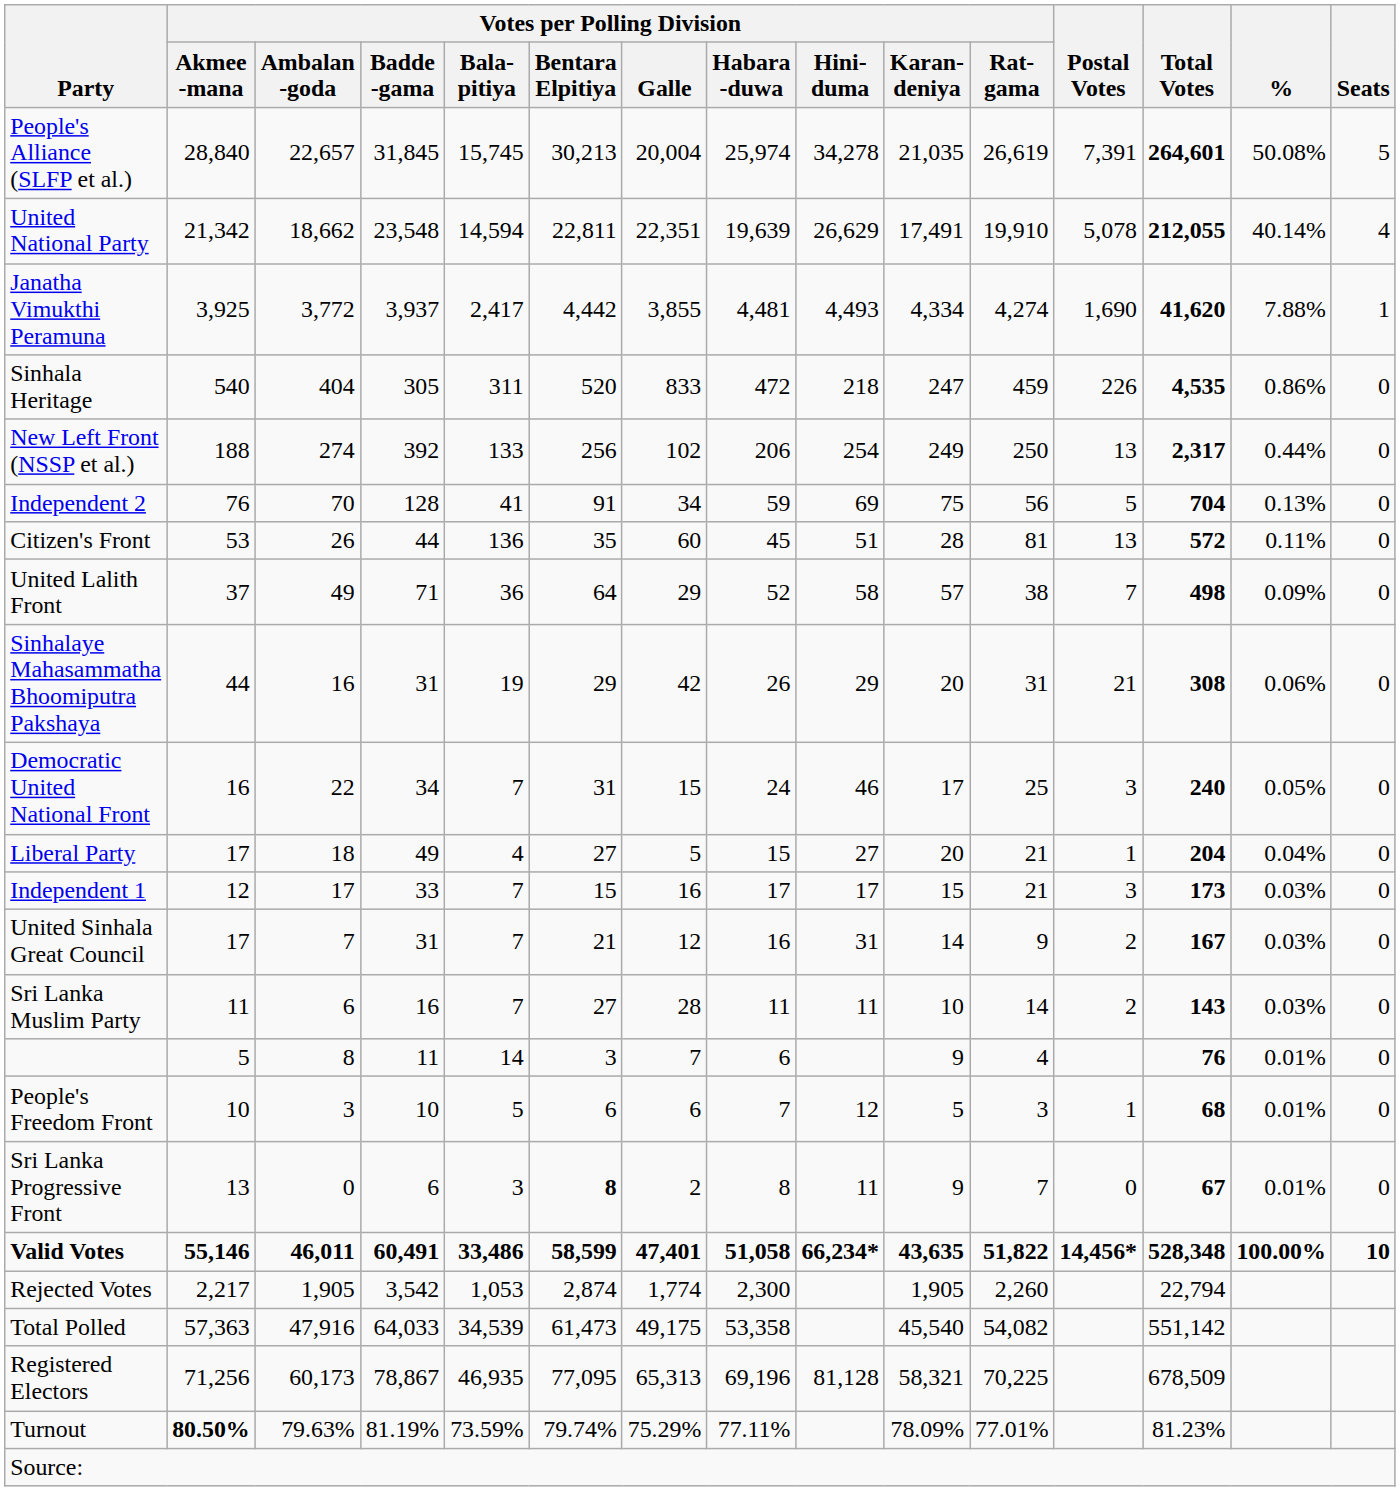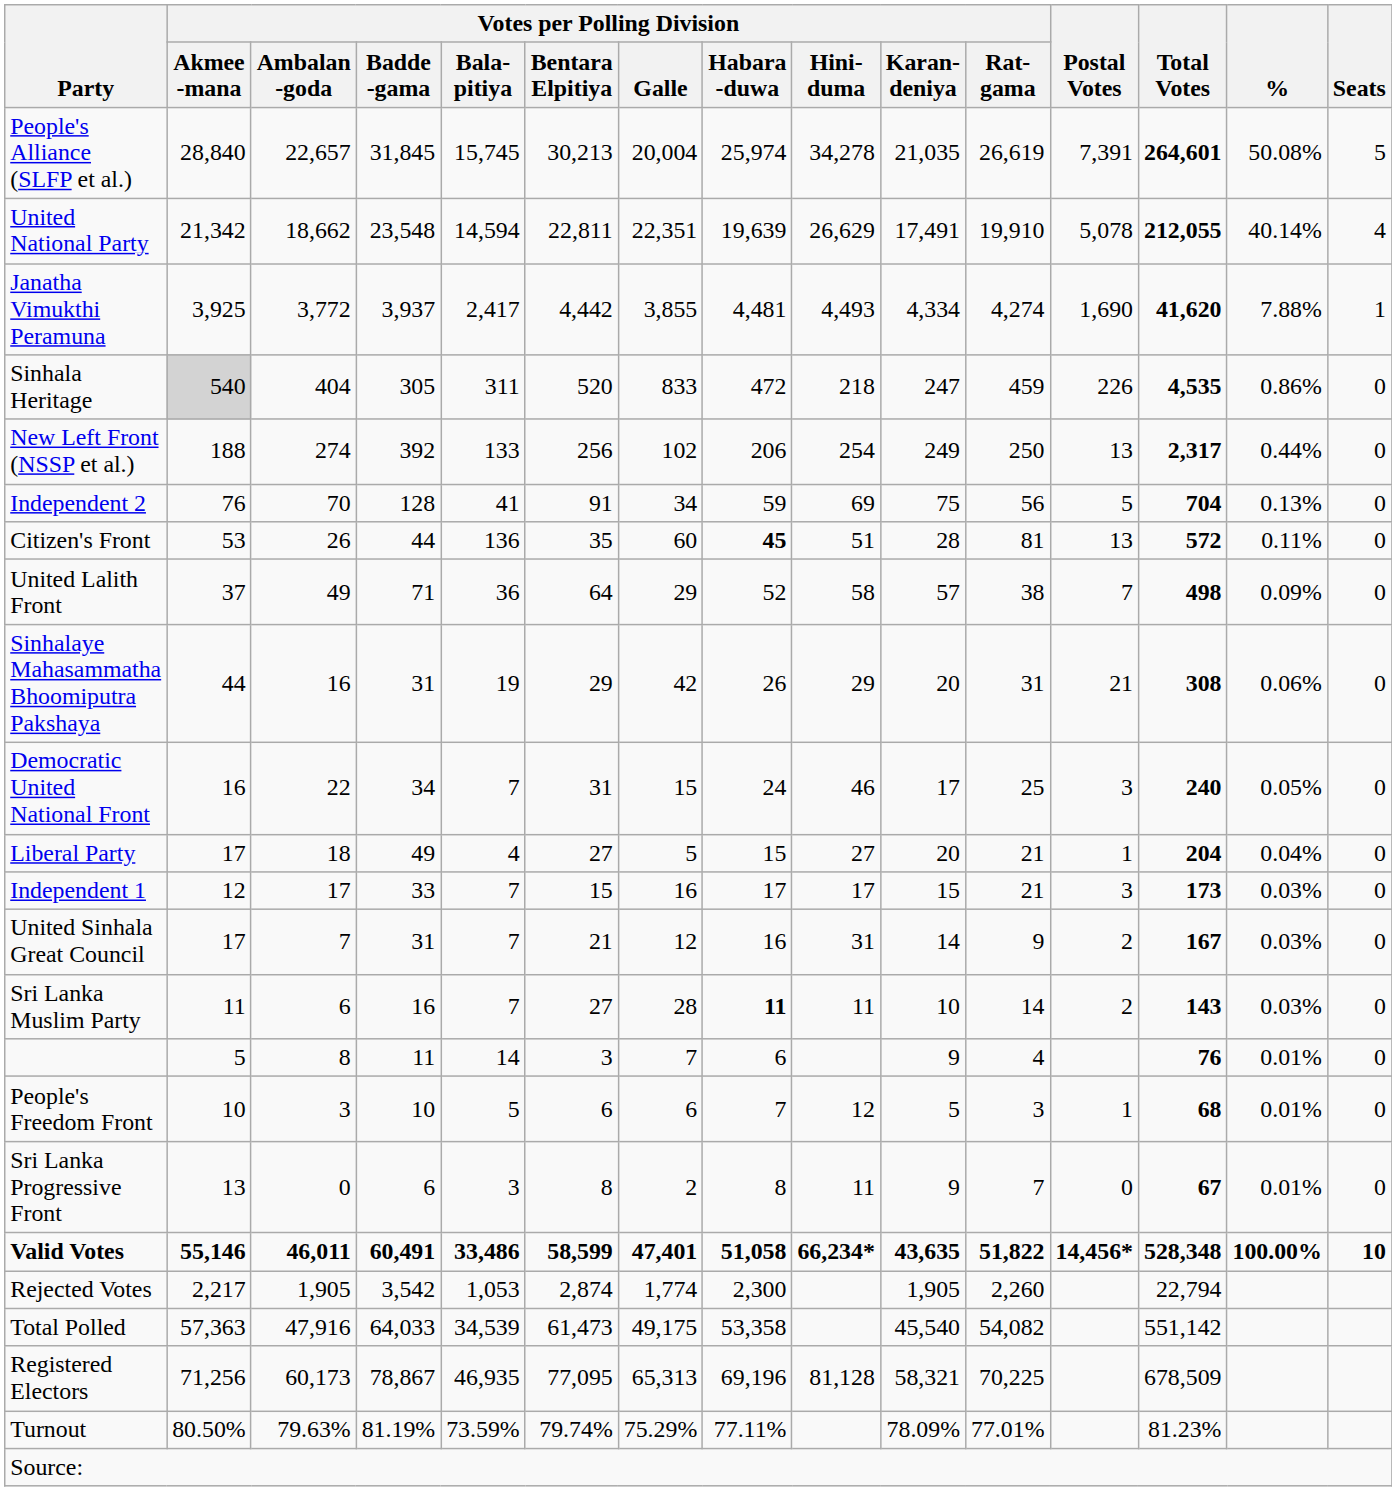 <table class="wikitable" border="1" style="text-align:right;">
 <tr>
 <th rowspan="2" align="left" valign="bottom" width="180">Party</th>
 <th colspan="10">Votes per Polling Division</th>
 <th rowspan="2" align="center" valign="bottom" width="50">Postal<br>Votes</th>
 <th rowspan="2" align="center" valign="bottom" width="50">Total Votes</th>
 <th rowspan="2" align="center" valign="bottom" width="50">%</th>
 <th rowspan="2" align="center" valign="bottom" width="40">Seats</th>
 </tr>
 <tr>
 <th align="center" valign="bottom" width="50">Akmee<br>-mana</th>
 <th align="center" valign="bottom" width="50">Ambalan<br>-goda</th>
 <th align="center" valign="bottom" width="50">Badde<br>-gama</th>
 <th align="center" valign="bottom" width="50">Bala-<br>pitiya</th>
 <th align="center" valign="bottom" width="50">Bentara<br>Elpitiya</th>
 <th align="center" valign="bottom" width="50">Galle</th>
 <th align="center" valign="bottom" width="50">Habara<br>-duwa</th>
 <th align="center" valign="bottom" width="50">Hini-<br>duma</th>
 <th align="center" valign="bottom" width="50">Karan-<br>deniya</th>
 <th align="center" valign="bottom" width="50">Rat-<br>gama</th>
 </tr>
 <tr>
 <td align="left"><a href='#'>People's Alliance</a><br>(<a href='#'>SLFP</a> et al.)</td>
 <td>28,840</td>
 <td>22,657</td>
 <td>31,845</td>
 <td>15,745</td>
 <td>30,213</td>
 <td>20,004</td>
 <td>25,974</td>
 <td>34,278</td>
 <td>21,035</td>
 <td>26,619</td>
 <td>7,391</td>
 <td><strong>264,601</strong></td>
 <td>50.08%</td>
 <td>5</td>
 </tr>
 <tr>
 <td align="left"><a href='#'>United National Party</a></td>
 <td>21,342</td>
 <td>18,662</td>
 <td>23,548</td>
 <td>14,594</td>
 <td>22,811</td>
 <td>22,351</td>
 <td>19,639</td>
 <td>26,629</td>
 <td>17,491</td>
 <td>19,910</td>
 <td>5,078</td>
 <td><strong>212,055</strong></td>
 <td>40.14%</td>
 <td>4</td>
 </tr>
 <tr>
 <td align="left"><a href='#'>Janatha Vimukthi Peramuna</a></td>
 <td>3,925</td>
 <td>3,772</td>
 <td>3,937</td>
 <td>2,417</td>
 <td>4,442</td>
 <td>3,855</td>
 <td>4,481</td>
 <td>4,493</td>
 <td>4,334</td>
 <td>4,274</td>
 <td>1,690</td>
 <td><strong>41,620</strong></td>
 <td>7.88%</td>
 <td>1</td>
 </tr>
 <tr>
 <td align="left">Sinhala Heritage</td>
-<td>540</td>
+<td style="background: lightgrey;">540</td>
 <td>404</td>
 <td>305</td>
 <td>311</td>
 <td>520</td>
 <td>833</td>
 <td>472</td>
 <td>218</td>
 <td>247</td>
 <td>459</td>
 <td>226</td>
 <td><strong>4,535</strong></td>
 <td>0.86%</td>
 <td>0</td>
 </tr>
 <tr>
 <td align="left"><a href='#'>New Left Front</a> (<a href='#'>NSSP</a> et al.)</td>
 <td>188</td>
 <td>274</td>
 <td>392</td>
 <td>133</td>
 <td>256</td>
 <td>102</td>
 <td>206</td>
 <td>254</td>
 <td>249</td>
 <td>250</td>
 <td>13</td>
 <td><strong>2,317</strong></td>
 <td>0.44%</td>
 <td>0</td>
 </tr>
 <tr>
 <td align="left"><a href='#'>Independent 2</a></td>
 <td>76</td>
 <td>70</td>
 <td>128</td>
 <td>41</td>
 <td>91</td>
 <td>34</td>
 <td>59</td>
 <td>69</td>
 <td>75</td>
 <td>56</td>
 <td>5</td>
 <td><strong>704</strong></td>
 <td>0.13%</td>
 <td>0</td>
 </tr>
 <tr>
 <td align="left">Citizen's Front</td>
 <td>53</td>
 <td>26</td>
 <td>44</td>
 <td>136</td>
 <td>35</td>
 <td>60</td>
-<td>45</td>
+<td><strong>45</strong></td>
 <td>51</td>
 <td>28</td>
 <td>81</td>
 <td>13</td>
 <td><strong>572</strong></td>
 <td>0.11%</td>
 <td>0</td>
 </tr>
 <tr>
 <td align="left">United Lalith Front</td>
 <td>37</td>
 <td>49</td>
 <td>71</td>
 <td>36</td>
 <td>64</td>
 <td>29</td>
 <td>52</td>
 <td>58</td>
 <td>57</td>
 <td>38</td>
 <td>7</td>
 <td><strong>498</strong></td>
 <td>0.09%</td>
 <td>0</td>
 </tr>
 <tr>
 <td align="left"><a href='#'>Sinhalaye Mahasammatha Bhoomiputra Pakshaya</a></td>
 <td>44</td>
 <td>16</td>
 <td>31</td>
 <td>19</td>
 <td>29</td>
 <td>42</td>
 <td>26</td>
 <td>29</td>
 <td>20</td>
 <td>31</td>
 <td>21</td>
 <td><strong>308</strong></td>
 <td>0.06%</td>
 <td>0</td>
 </tr>
 <tr>
 <td align="left"><a href='#'>Democratic United National Front</a></td>
 <td>16</td>
 <td>22</td>
 <td>34</td>
 <td>7</td>
 <td>31</td>
 <td>15</td>
 <td>24</td>
 <td>46</td>
 <td>17</td>
 <td>25</td>
 <td>3</td>
 <td><strong>240</strong></td>
 <td>0.05%</td>
 <td>0</td>
 </tr>
 <tr>
 <td align="left"><a href='#'>Liberal Party</a></td>
 <td>17</td>
 <td>18</td>
 <td>49</td>
 <td>4</td>
 <td>27</td>
 <td>5</td>
 <td>15</td>
 <td>27</td>
 <td>20</td>
 <td>21</td>
 <td>1</td>
 <td><strong>204</strong></td>
 <td>0.04%</td>
 <td>0</td>
 </tr>
 <tr>
 <td align="left"><a href='#'>Independent 1</a></td>
 <td>12</td>
 <td>17</td>
 <td>33</td>
 <td>7</td>
 <td>15</td>
 <td>16</td>
 <td>17</td>
 <td>17</td>
 <td>15</td>
 <td>21</td>
 <td>3</td>
 <td><strong>173</strong></td>
 <td>0.03%</td>
 <td>0</td>
 </tr>
 <tr>
 <td align="left">United Sinhala Great Council</td>
 <td>17</td>
 <td>7</td>
 <td>31</td>
 <td>7</td>
 <td>21</td>
 <td>12</td>
 <td>16</td>
 <td>31</td>
 <td>14</td>
 <td>9</td>
 <td>2</td>
 <td><strong>167</strong></td>
 <td>0.03%</td>
 <td>0</td>
 </tr>
 <tr>
 <td align="left">Sri Lanka Muslim Party</td>
 <td>11</td>
 <td>6</td>
 <td>16</td>
 <td>7</td>
 <td>27</td>
 <td>28</td>
-<td>11</td>
+<td><strong>11</strong></td>
 <td>11</td>
 <td>10</td>
 <td>14</td>
 <td>2</td>
 <td><strong>143</strong></td>
 <td>0.03%</td>
 <td>0</td>
 </tr>
 <tr>
 <td></td>
 <td>5</td>
 <td>8</td>
 <td>11</td>
 <td>14</td>
 <td>3</td>
 <td>7</td>
 <td>6</td>
 <td></td>
 <td>9</td>
 <td>4</td>
 <td></td>
 <td><strong>76</strong></td>
 <td>0.01%</td>
 <td>0</td>
 </tr>
 <tr>
 <td align="left">People's Freedom Front</td>
 <td>10</td>
 <td>3</td>
 <td>10</td>
 <td>5</td>
 <td>6</td>
 <td>6</td>
 <td>7</td>
 <td>12</td>
 <td>5</td>
 <td>3</td>
 <td>1</td>
 <td><strong>68</strong></td>
 <td>0.01%</td>
 <td>0</td>
 </tr>
 <tr>
 <td align="left">Sri Lanka Progressive Front</td>
 <td>13</td>
 <td>0</td>
 <td>6</td>
 <td>3</td>
-<td><strong>8</strong></td>
+<td>8</td>
 <td>2</td>
 <td>8</td>
 <td>11</td>
 <td>9</td>
 <td>7</td>
 <td>0</td>
 <td><strong>67</strong></td>
 <td>0.01%</td>
 <td>0</td>
 </tr>
 <tr>
 <td align="left"><strong>Valid Votes</strong></td>
 <td><strong>55,146</strong></td>
 <td><strong>46,011</strong></td>
 <td><strong>60,491</strong></td>
 <td><strong>33,486</strong></td>
 <td><strong>58,599</strong></td>
 <td><strong>47,401</strong></td>
 <td><strong>51,058</strong></td>
 <td><strong>66,234*</strong></td>
 <td><strong>43,635</strong></td>
 <td><strong>51,822</strong></td>
 <td><strong>14,456*</strong></td>
 <td><strong>528,348</strong></td>
 <td><strong>100.00%</strong></td>
 <td><strong>10</strong></td>
 </tr>
 <tr>
 <td align="left">Rejected Votes</td>
 <td>2,217</td>
 <td>1,905</td>
 <td>3,542</td>
 <td>1,053</td>
 <td>2,874</td>
 <td>1,774</td>
 <td>2,300</td>
 <td></td>
 <td>1,905</td>
 <td>2,260</td>
 <td></td>
 <td>22,794</td>
 <td></td>
 <td></td>
 </tr>
 <tr>
 <td align="left">Total Polled</td>
 <td>57,363</td>
 <td>47,916</td>
 <td>64,033</td>
 <td>34,539</td>
 <td>61,473</td>
 <td>49,175</td>
 <td>53,358</td>
 <td></td>
 <td>45,540</td>
 <td>54,082</td>
 <td></td>
 <td>551,142</td>
 <td></td>
 <td></td>
 </tr>
 <tr>
 <td align="left">Registered Electors</td>
 <td>71,256</td>
 <td>60,173</td>
 <td>78,867</td>
 <td>46,935</td>
 <td>77,095</td>
 <td>65,313</td>
 <td>69,196</td>
 <td>81,128</td>
 <td>58,321</td>
 <td>70,225</td>
 <td></td>
 <td>678,509</td>
 <td></td>
 <td></td>
 </tr>
 <tr>
 <td align="left">Turnout</td>
-<td><strong>80.50%</strong></td>
+<td>80.50%</td>
 <td>79.63%</td>
 <td>81.19%</td>
 <td>73.59%</td>
 <td>79.74%</td>
 <td>75.29%</td>
 <td>77.11%</td>
 <td></td>
 <td>78.09%</td>
 <td>77.01%</td>
 <td></td>
 <td>81.23%</td>
 <td></td>
 <td></td>
 </tr>
 <tr>
 <td colspan="16" align="left">Source:</td>
 </tr>
 </table>
